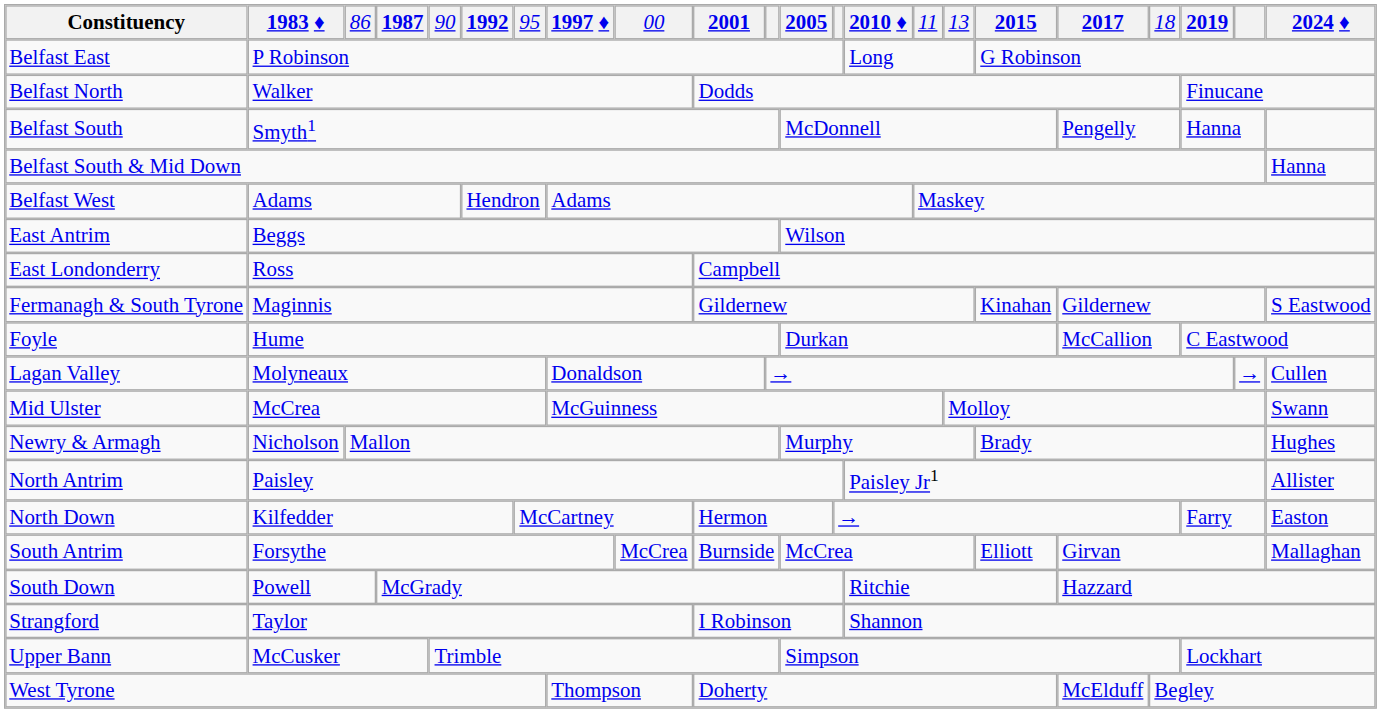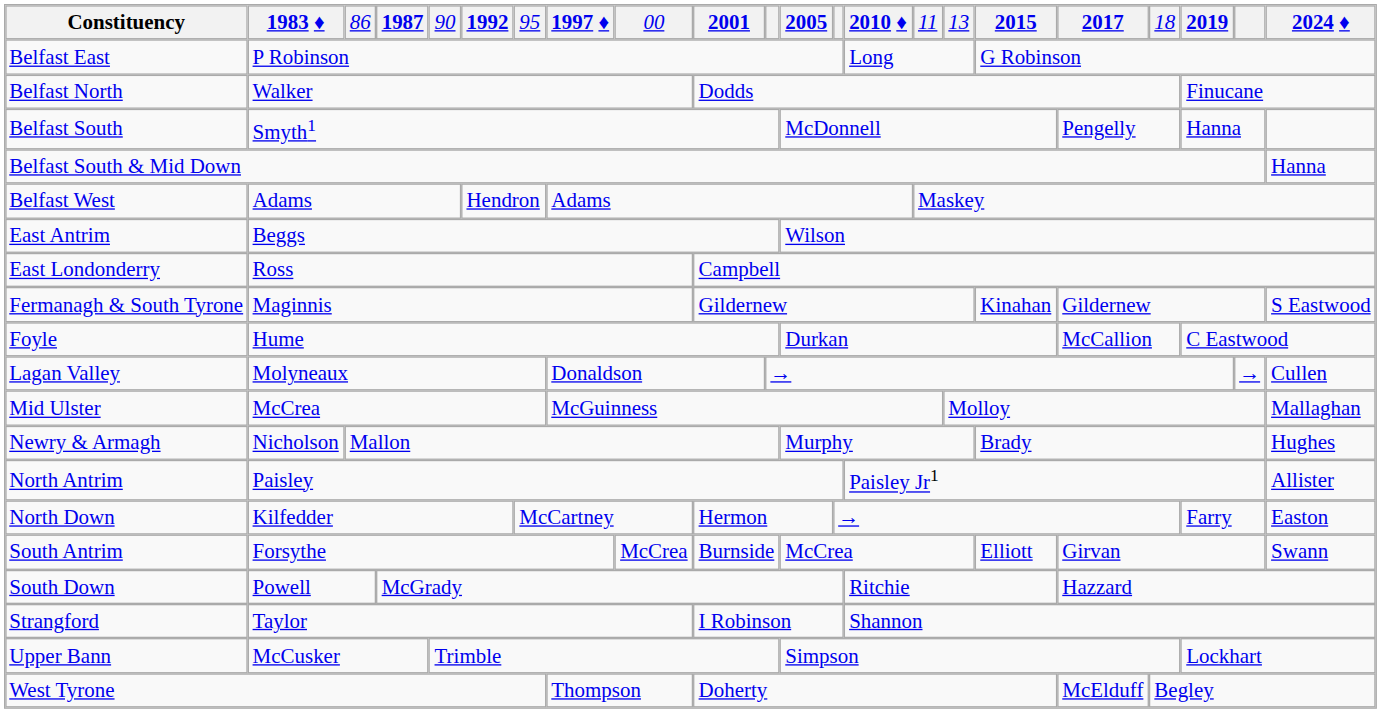 <table class="wikitable" style="border-collapse: separate; border-spacing: 0;">
 <tr>
 <th>Constituency</th>
 <th><a href='#'>1983</a> <a href='#'>♦</a></th>
 <th style="font-weight: normal;"><em><a href='#'>86</a></em></th>
 <th><a href='#'>1987</a></th>
 <th style="font-weight: normal;"><em><a href='#'>90</a></em></th>
 <th><a href='#'>1992</a></th>
 <th style="font-weight: normal;"><em><a href='#'>95</a></em></th>
 <th><a href='#'>1997</a> <a href='#'>♦</a></th>
 <th style="font-weight: normal;"><em><a href='#'>00</a></em></th>
 <th><a href='#'>2001</a></th>
 <th style="font-weight: normal;"><em></em></th>
 <th><a href='#'>2005</a></th>
 <th style="font-weight: normal;"><em></em></th>
 <th><a href='#'>2010</a> <a href='#'>♦</a></th>
 <th style="font-weight: normal;"><em><a href='#'>11</a></em></th>
 <th style="font-weight: normal;"><em><a href='#'>13</a></em></th>
 <th><a href='#'>2015</a></th>
 <th><a href='#'>2017</a></th>
 <th style="font-weight: normal;"><em><a href='#'>18</a></em></th>
 <th><a href='#'>2019</a></th>
 <th style="font-weight: normal;"><em></em></th>
 <th><a href='#'>2024</a> <a href='#'>♦</a></th>
 </tr>
 <tr>
 <td style="padding: 1px 2px;"><a href='#'>Belfast East</a></td>
 <td colspan="12"><a href='#'>P Robinson</a></td>
 <td colspan="3"><a href='#'>Long</a></td>
 <td colspan="6"><a href='#'>G Robinson</a></td>
 </tr>
 <tr>
 <td style="padding: 1px 2px;"><a href='#'>Belfast North</a></td>
 <td colspan="8"><a href='#'>Walker</a></td>
 <td colspan="10"><a href='#'>Dodds</a></td>
 <td colspan="3"><a href='#'>Finucane</a></td>
 </tr>
 <tr>
 <td style="padding: 1px 2px;"><a href='#'>Belfast South</a></td>
 <td colspan="10"><a href='#'>Smyth<sup>1</sup></a></td>
 <td colspan="6"><a href='#'>McDonnell</a></td>
 <td colspan="2"><a href='#'>Pengelly</a></td>
 <td colspan="2"><a href='#'>Hanna</a></td>
 <td></td>
 </tr>
 <tr>
 <td colspan="21" style="padding: 1px 2px;"><a href='#'>Belfast South & Mid Down</a></td>
 <td><a href='#'>Hanna</a></td>
 </tr>
 <tr>
 <td style="padding: 1px 2px;"><a href='#'>Belfast West</a></td>
 <td colspan="4"><a href='#'>Adams</a></td>
 <td colspan="2"><a href='#'>Hendron</a></td>
 <td colspan="7"><a href='#'>Adams</a></td>
 <td colspan="8"><a href='#'>Maskey</a></td>
 </tr>
 <tr>
 <td style="padding: 1px 2px;"><a href='#'>East Antrim</a></td>
 <td colspan="10"><a href='#'>Beggs</a></td>
 <td colspan="11"><a href='#'>Wilson</a></td>
 </tr>
 <tr>
 <td style="padding: 1px 2px;"><a href='#'>East Londonderry</a></td>
 <td colspan="8"><a href='#'>Ross</a></td>
 <td colspan="13"><a href='#'>Campbell</a></td>
 </tr>
 <tr>
 <td style="padding: 1px 2px;"><a href='#'>Fermanagh & South Tyrone</a></td>
 <td colspan="8"><a href='#'>Maginnis</a></td>
 <td colspan="7"><a href='#'>Gildernew</a></td>
 <td><a href='#'>Kinahan</a></td>
 <td colspan="4"><a href='#'>Gildernew</a></td>
 <td><a href='#'>S Eastwood</a></td>
 </tr>
 <tr>
 <td style="padding: 1px 2px;"><a href='#'>Foyle</a></td>
 <td colspan="10"><a href='#'>Hume</a></td>
 <td colspan="6"><a href='#'>Durkan</a></td>
 <td colspan="2"><a href='#'>McCallion</a></td>
 <td colspan="3"><a href='#'>C Eastwood</a></td>
 </tr>
 <tr>
 <td style="padding: 1px 2px;"><a href='#'>Lagan Valley</a></td>
 <td colspan="6"><a href='#'>Molyneaux</a></td>
 <td colspan="3"><a href='#'>Donaldson</a></td>
 <td colspan="10"><a href='#'>→</a></td>
 <td><a href='#'>→</a></td>
 <td><a href='#'>Cullen</a></td>
 </tr>
 <tr>
 <td style="padding: 1px 2px;"><a href='#'>Mid Ulster</a></td>
 <td colspan="6"><a href='#'>McCrea</a></td>
 <td colspan="8"><a href='#'>McGuinness</a></td>
 <td colspan="6"><a href='#'>Molloy</a></td>
-<td><a href='#'>Swann</a></td>
+<td><a href='#'>Mallaghan</a></td>
 </tr>
 <tr>
 <td style="padding: 1px 2px;"><a href='#'>Newry & Armagh</a></td>
 <td><a href='#'>Nicholson</a></td>
 <td colspan="9"><a href='#'>Mallon</a></td>
 <td colspan="5"><a href='#'>Murphy</a></td>
 <td colspan="5"><a href='#'>Brady</a></td>
 <td><a href='#'>Hughes</a></td>
 </tr>
 <tr>
 <td style="padding: 1px 2px;"><a href='#'>North Antrim</a></td>
 <td colspan="12"><a href='#'>Paisley</a></td>
 <td colspan="8"><a href='#'>Paisley Jr</a><sup>1</sup></td>
 <td><a href='#'>Allister</a></td>
 </tr>
 <tr>
 <td style="padding: 1px 2px;"><a href='#'>North Down</a></td>
 <td colspan="5"><a href='#'>Kilfedder</a></td>
 <td colspan="3"><a href='#'>McCartney</a></td>
 <td colspan="3"><a href='#'>Hermon</a></td>
 <td colspan="7"><a href='#'>→</a></td>
 <td colspan="2"><a href='#'>Farry</a></td>
 <td><a href='#'>Easton</a></td>
 </tr>
 <tr>
 <td style="padding: 1px 2px;"><a href='#'>South Antrim</a></td>
 <td colspan="7"><a href='#'>Forsythe</a></td>
 <td><a href='#'>McCrea</a></td>
 <td colspan="2"><a href='#'>Burnside</a></td>
 <td colspan="5"><a href='#'>McCrea</a></td>
 <td><a href='#'>Elliott</a></td>
 <td colspan="4"><a href='#'>Girvan</a></td>
-<td><a href='#'>Mallaghan</a></td>
+<td><a href='#'>Swann</a></td>
 </tr>
 <tr>
 <td style="padding: 1px 2px;"><a href='#'>South Down</a></td>
 <td colspan="2"><a href='#'>Powell</a></td>
 <td colspan="10"><a href='#'>McGrady</a></td>
 <td colspan="4"><a href='#'>Ritchie</a></td>
 <td colspan="5"><a href='#'>Hazzard</a></td>
 </tr>
 <tr>
 <td style="padding: 1px 2px;"><a href='#'>Strangford</a></td>
 <td colspan="8"><a href='#'>Taylor</a></td>
 <td colspan="4"><a href='#'>I Robinson</a></td>
 <td colspan="9"><a href='#'>Shannon</a></td>
 </tr>
 <tr>
 <td style="padding: 1px 2px;"><a href='#'>Upper Bann</a></td>
 <td colspan="3"><a href='#'>McCusker</a></td>
 <td colspan="7"><a href='#'>Trimble</a></td>
 <td colspan="8"><a href='#'>Simpson</a></td>
 <td colspan="3"><a href='#'>Lockhart</a></td>
 </tr>
 <tr>
 <td colspan="7" style="padding: 1px 2px;"><a href='#'>West Tyrone</a></td>
 <td colspan="2"><a href='#'>Thompson</a></td>
 <td colspan="8"><a href='#'>Doherty</a></td>
 <td><a href='#'>McElduff</a></td>
 <td colspan="4"><a href='#'>Begley</a></td>
 </tr>
 </table>
